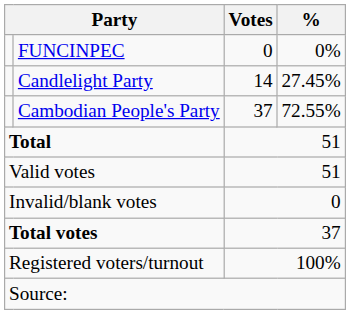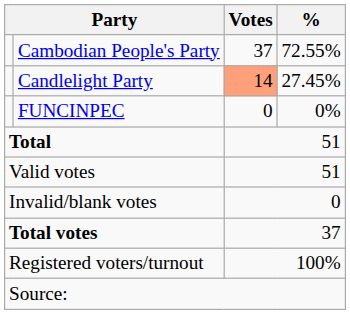 <table class="wikitable mw-collapsible mw-collapsed" style="text-align:right">
 <tr>
 <th colspan="2">Party</th>
 <th>Votes</th>
 <th>%</th>
 </tr>
 <tr>
 <td></td>
-<td align="left"><a href='#'>FUNCINPEC</a></td>
-<td>0</td>
-<td>0%</td>
+<td align="left"><a href='#'>Cambodian People's Party</a></td>
+<td>37</td>
+<td>72.55%</td>
 </tr>
 <tr>
 <td></td>
 <td align="left"><a href='#'>Candlelight Party</a></td>
-<td>14</td>
+<td style="background: lightsalmon;">14</td>
 <td>27.45%</td>
 </tr>
 <tr>
 <td></td>
-<td align="left"><a href='#'>Cambodian People's Party</a></td>
-<td>37</td>
-<td>72.55%</td>
+<td align="left"><a href='#'>FUNCINPEC</a></td>
+<td>0</td>
+<td>0%</td>
 </tr>
 <tr>
 <td colspan="2" style="text-align:left;"><strong>Total</strong></td>
 <td colspan="2">51</td>
 </tr>
 <tr>
 <td colspan="2" style="text-align:left;">Valid votes</td>
 <td colspan="2">51</td>
 </tr>
 <tr>
 <td colspan="2" style="text-align:left;">Invalid/blank votes</td>
 <td colspan="2">0</td>
 </tr>
 <tr>
 <td colspan="2" style="text-align:left;"><strong>Total votes</strong></td>
 <td colspan="2">37</td>
 </tr>
 <tr>
 <td colspan="2" style="text-align:left;">Registered voters/turnout</td>
 <td colspan="2">100%</td>
 </tr>
 <tr>
 <td colspan="4" style="text-align:left;">Source: </td>
 </tr>
 </table>
